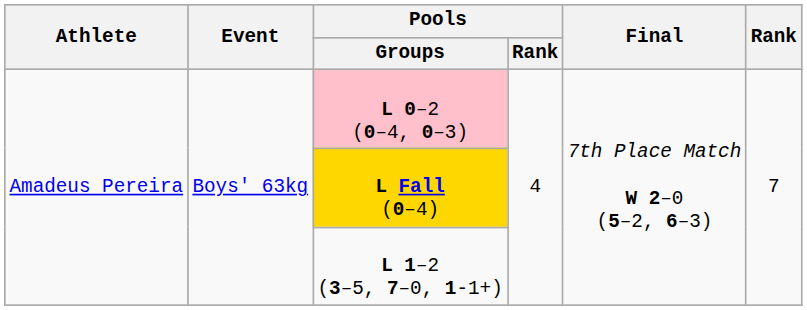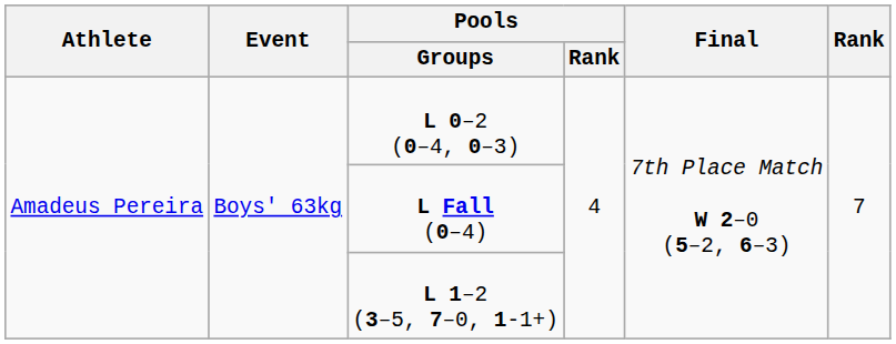 <table class="wikitable" style="text-align:left; font-size:90%">
 <tr>
 <th rowspan="2">Athlete</th>
 <th rowspan="2">Event</th>
 <th colspan="2">Pools</th>
 <th rowspan="2">Final</th>
 <th rowspan="2">Rank</th>
 </tr>
 <tr>
 <th>Groups</th>
 <th>Rank</th>
 </tr>
 <tr>
 <td rowspan="3"><a href='#'>Amadeus Pereira</a></td>
 <td rowspan="3"><a href='#'>Boys' 63kg</a></td>
-<td align=center style="background: pink;"><br><strong>L</strong> <strong>0</strong>–2<br>(<strong>0</strong>–4, <strong>0</strong>–3)</td>
+<td align=center><br><strong>L</strong> <strong>0</strong>–2<br>(<strong>0</strong>–4, <strong>0</strong>–3)</td>
 <td rowspan="3" align=center>4</td>
 <td align=center rowspan=3><em>7th Place Match</em><br><br><strong>W</strong> <strong>2</strong>–0<br>(<strong>5</strong>–2, <strong>6</strong>–3)</td>
 <td rowspan="3" align="center">7</td>
 </tr>
 <tr>
-<td align=center style="background: gold;"><br><strong>L</strong> <strong><a href='#'>Fall</a></strong><br>(<strong>0</strong>–4)</td>
+<td align=center><br><strong>L</strong> <strong><a href='#'>Fall</a></strong><br>(<strong>0</strong>–4)</td>
 </tr>
 <tr>
 <td align=center><br><strong>L</strong> <strong>1</strong>–2<br>(<strong>3</strong>–5, <strong>7</strong>–0, <strong>1</strong>-1+)</td>
 </tr>
 </table>
